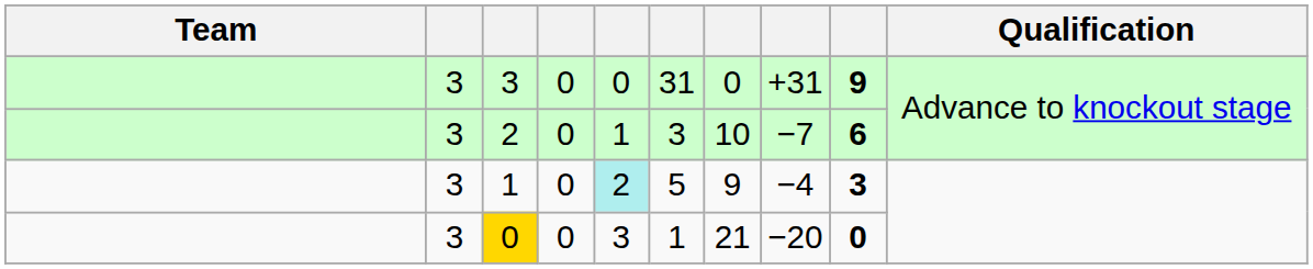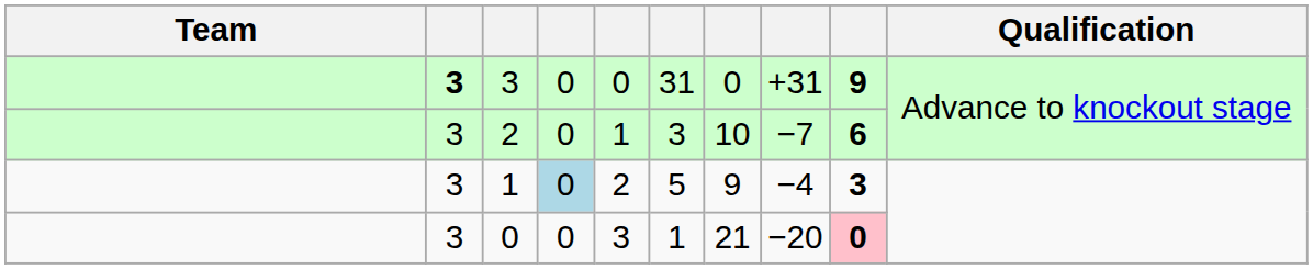 <table class=wikitable style="text-align:center">
 <tr>
 <th width=200>Team</th>
 <th width=20></th>
 <th width=20></th>
 <th width=20></th>
 <th width=20></th>
 <th width=20></th>
 <th width=20></th>
 <th width=20></th>
 <th width=20></th>
 <th width=200>Qualification</th>
 </tr>
 <tr bgcolor=#ccffcc>
 <td align=left></td>
-<td>3</td>
+<td><strong>3</strong></td>
 <td>3</td>
 <td>0</td>
 <td>0</td>
 <td>31</td>
 <td>0</td>
 <td>+31</td>
 <td><strong>9</strong></td>
 <td rowspan=2>Advance to <a href='#'>knockout stage</a></td>
 </tr>
 <tr bgcolor=#ccffcc>
 <td align=left></td>
 <td>3</td>
 <td>2</td>
 <td>0</td>
 <td>1</td>
 <td>3</td>
 <td>10</td>
 <td>−7</td>
 <td><strong>6</strong></td>
 </tr>
 <tr>
 <td align=left></td>
 <td>3</td>
 <td>1</td>
-<td>0</td>
-<td style="background: paleturquoise;">2</td>
+<td style="background: lightblue;">0</td>
+<td>2</td>
 <td>5</td>
 <td>9</td>
 <td>−4</td>
 <td><strong>3</strong></td>
 <td rowspan=2></td>
 </tr>
 <tr>
 <td align=left></td>
 <td>3</td>
-<td style="background: gold;">0</td>
+<td>0</td>
 <td>0</td>
 <td>3</td>
 <td>1</td>
 <td>21</td>
 <td>−20</td>
-<td><strong>0</strong></td>
+<td style="background: pink;"><strong>0</strong></td>
 </tr>
 </table>
